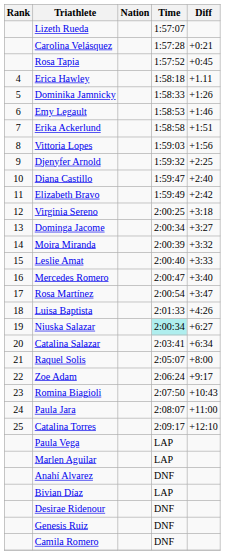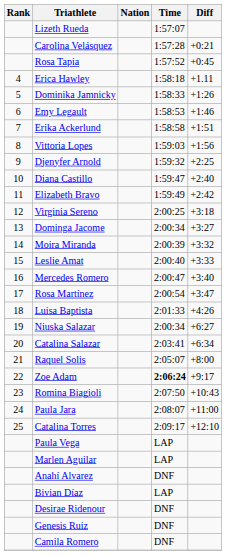 <table class="wikitable sortable" style="font-size:95%" style="width:45em;">
 <tr>
 <th>Rank</th>
 <th>Triathlete</th>
 <th>Nation</th>
 <th>Time</th>
 <th>Diff</th>
 </tr>
 <tr>
 <td align=center></td>
 <td><a href='#'>Lizeth Rueda</a></td>
 <td></td>
 <td>1:57:07</td>
 <td></td>
 </tr>
 <tr>
 <td align=center></td>
 <td><a href='#'>Carolina Velásquez</a></td>
 <td></td>
 <td>1:57:28</td>
 <td>+0:21</td>
 </tr>
 <tr>
 <td align=center></td>
 <td><a href='#'>Rosa Tapia</a></td>
 <td></td>
 <td>1:57:52</td>
 <td>+0:45</td>
 </tr>
 <tr>
 <td align=center>4</td>
 <td><a href='#'>Erica Hawley</a></td>
 <td></td>
 <td>1:58:18</td>
 <td>+1.11</td>
 </tr>
 <tr>
 <td align=center>5</td>
 <td><a href='#'>Dominika Jamnicky</a></td>
 <td></td>
 <td>1:58:33</td>
 <td>+1:26</td>
 </tr>
 <tr>
 <td align=center>6</td>
 <td><a href='#'>Emy Legault</a></td>
 <td></td>
 <td>1:58:53</td>
 <td>+1:46</td>
 </tr>
 <tr>
 <td align=center>7</td>
 <td><a href='#'>Erika Ackerlund</a></td>
 <td></td>
 <td>1:58:58</td>
 <td>+1:51</td>
 </tr>
 <tr>
 <td align=center>8</td>
 <td><a href='#'>Vittoria Lopes</a></td>
 <td></td>
 <td>1:59:03</td>
 <td>+1:56</td>
 </tr>
 <tr>
 <td align=center>9</td>
 <td><a href='#'>Djenyfer Arnold</a></td>
 <td></td>
 <td>1:59:32</td>
 <td>+2:25</td>
 </tr>
 <tr>
 <td align=center>10</td>
 <td><a href='#'>Diana Castillo</a></td>
 <td></td>
 <td>1:59:47</td>
 <td>+2:40</td>
 </tr>
 <tr>
 <td align=center>11</td>
 <td><a href='#'>Elizabeth Bravo</a></td>
 <td></td>
 <td>1:59:49</td>
 <td>+2:42</td>
 </tr>
 <tr>
 <td align=center>12</td>
 <td><a href='#'>Virginia Sereno</a></td>
 <td></td>
 <td>2:00:25</td>
 <td>+3:18</td>
 </tr>
 <tr>
 <td align=center>13</td>
 <td><a href='#'>Dominga Jacome</a></td>
 <td></td>
 <td>2:00:34</td>
 <td>+3:27</td>
 </tr>
 <tr>
 <td align=center>14</td>
 <td><a href='#'>Moira Miranda</a></td>
 <td></td>
 <td>2:00:39</td>
 <td>+3:32</td>
 </tr>
 <tr>
 <td align=center>15</td>
 <td><a href='#'>Leslie Amat</a></td>
 <td></td>
 <td>2:00:40</td>
 <td>+3:33</td>
 </tr>
 <tr>
 <td align=center>16</td>
 <td><a href='#'>Mercedes Romero</a></td>
 <td></td>
 <td>2:00:47</td>
 <td>+3:40</td>
 </tr>
 <tr>
 <td align=center>17</td>
 <td><a href='#'>Rosa Martínez</a></td>
 <td></td>
 <td>2:00:54</td>
 <td>+3:47</td>
 </tr>
 <tr>
 <td align=center>18</td>
 <td><a href='#'>Luisa Baptista</a></td>
 <td></td>
 <td>2:01:33</td>
 <td>+4:26</td>
 </tr>
 <tr>
 <td align=center>19</td>
 <td><a href='#'>Niuska Salazar</a></td>
 <td></td>
-<td style="background: paleturquoise;">2:00:34</td>
+<td>2:00:34</td>
 <td>+6:27</td>
 </tr>
 <tr>
 <td align=center>20</td>
 <td><a href='#'>Catalina Salazar</a></td>
 <td></td>
 <td>2:03:41</td>
 <td>+6:34</td>
 </tr>
 <tr>
 <td align=center>21</td>
 <td><a href='#'>Raquel Solis</a></td>
 <td></td>
 <td>2:05:07</td>
 <td>+8:00</td>
 </tr>
 <tr>
 <td align=center>22</td>
 <td><a href='#'>Zoe Adam</a></td>
 <td></td>
-<td>2:06:24</td>
+<td><strong>2:06:24</strong></td>
 <td>+9:17</td>
 </tr>
 <tr>
 <td align=center>23</td>
 <td><a href='#'>Romina Biagioli</a></td>
 <td></td>
 <td>2:07:50</td>
 <td>+10:43</td>
 </tr>
 <tr>
 <td align=center>24</td>
 <td><a href='#'>Paula Jara</a></td>
 <td></td>
 <td>2:08:07</td>
 <td>+11:00</td>
 </tr>
 <tr>
 <td align=center>25</td>
 <td><a href='#'>Catalina Torres</a></td>
 <td></td>
 <td>2:09:17</td>
 <td>+12:10</td>
 </tr>
 <tr>
 <td align=center></td>
 <td><a href='#'>Paula Vega</a></td>
 <td></td>
 <td>LAP</td>
 <td></td>
 </tr>
 <tr>
 <td align=center></td>
 <td><a href='#'>Marlen Aguilar</a></td>
 <td></td>
 <td>LAP</td>
 <td></td>
 </tr>
 <tr>
 <td align=center></td>
 <td><a href='#'>Anahí Alvarez</a></td>
 <td></td>
 <td>DNF</td>
 <td></td>
 </tr>
 <tr>
 <td align=center></td>
 <td><a href='#'>Bivian Díaz</a></td>
 <td></td>
 <td>LAP</td>
 <td></td>
 </tr>
 <tr>
 <td align=center></td>
 <td><a href='#'>Desirae Ridenour</a></td>
 <td></td>
 <td>DNF</td>
 <td></td>
 </tr>
 <tr>
 <td align=center></td>
 <td><a href='#'>Genesis Ruiz</a></td>
 <td></td>
 <td>DNF</td>
 <td></td>
 </tr>
 <tr>
 <td align=center></td>
 <td><a href='#'>Camila Romero</a></td>
 <td></td>
 <td>DNF</td>
 <td></td>
 </tr>
 <tr>
 </tr>
 </table>
